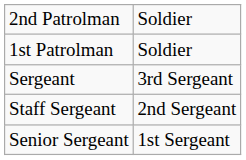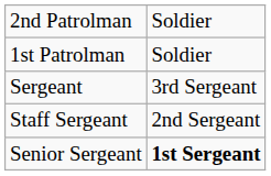 <table class="wikitable">
 <tr>
 <td>2nd Patrolman</td>
 <td>Soldier</td>
 </tr>
 <tr>
 <td>1st Patrolman</td>
 <td>Soldier</td>
 </tr>
 <tr>
 <td>Sergeant</td>
 <td>3rd Sergeant</td>
 </tr>
 <tr>
 <td>Staff Sergeant</td>
 <td>2nd Sergeant</td>
 </tr>
 <tr>
 <td>Senior Sergeant</td>
-<td>1st Sergeant</td>
+<td><strong>1st Sergeant</strong></td>
 </tr>
 </table>
